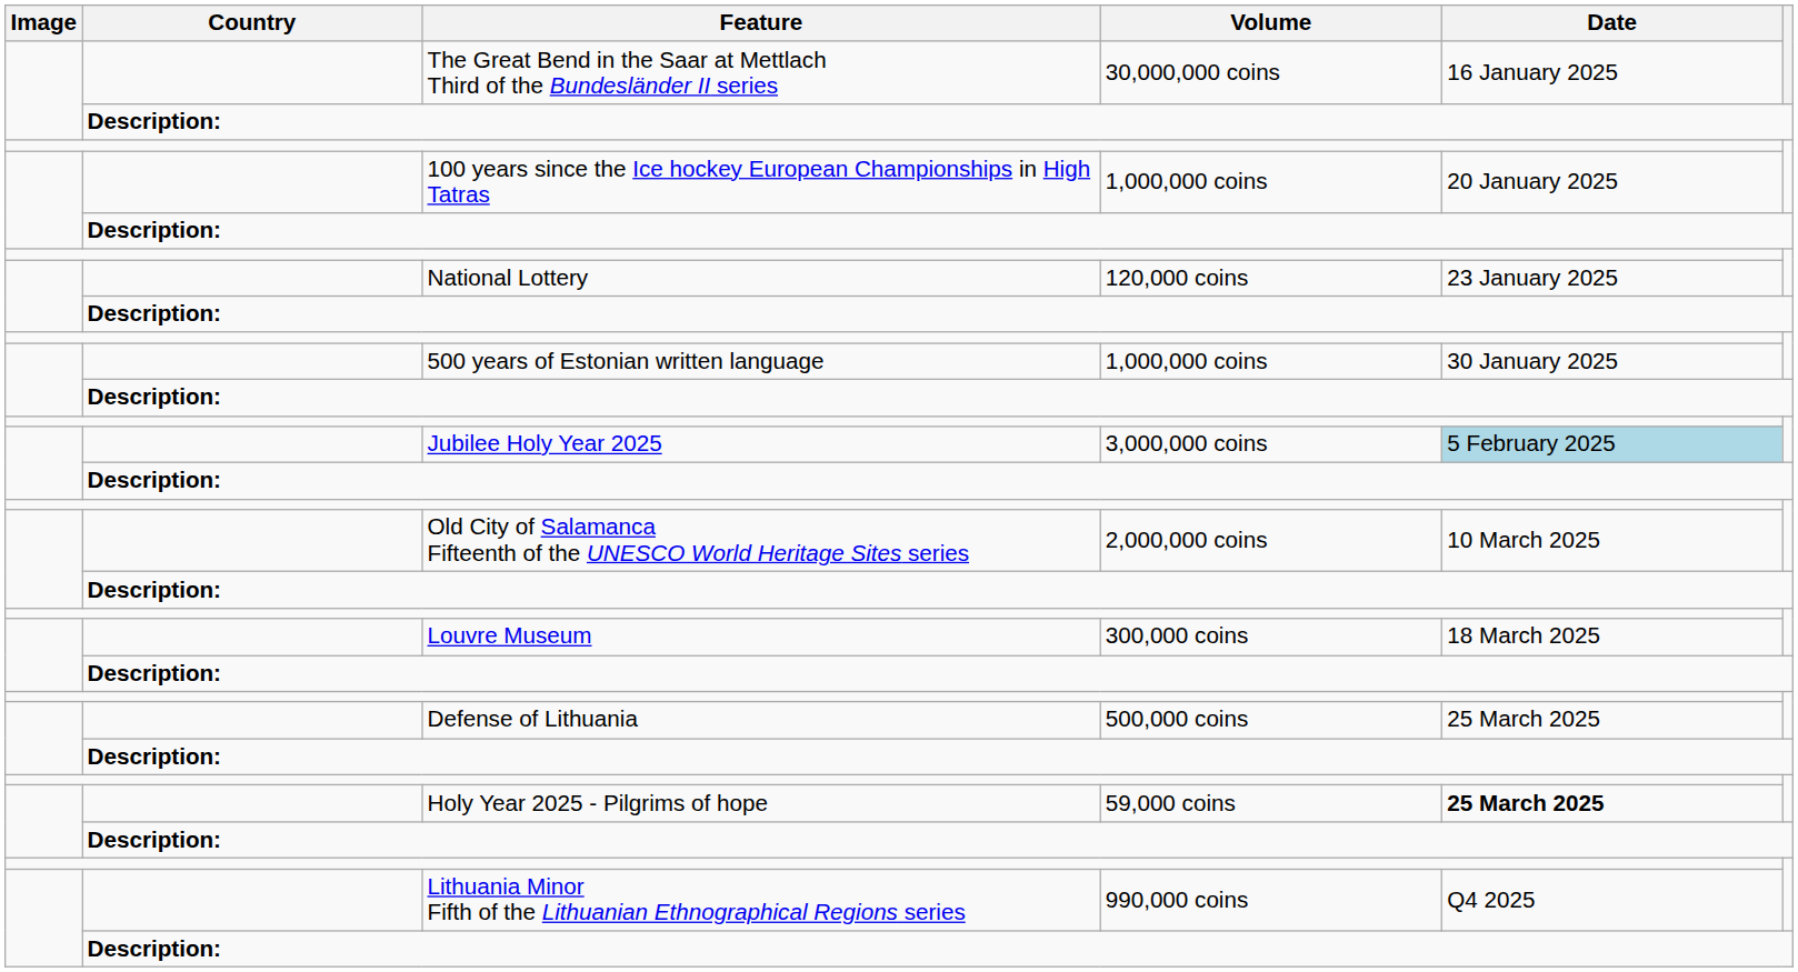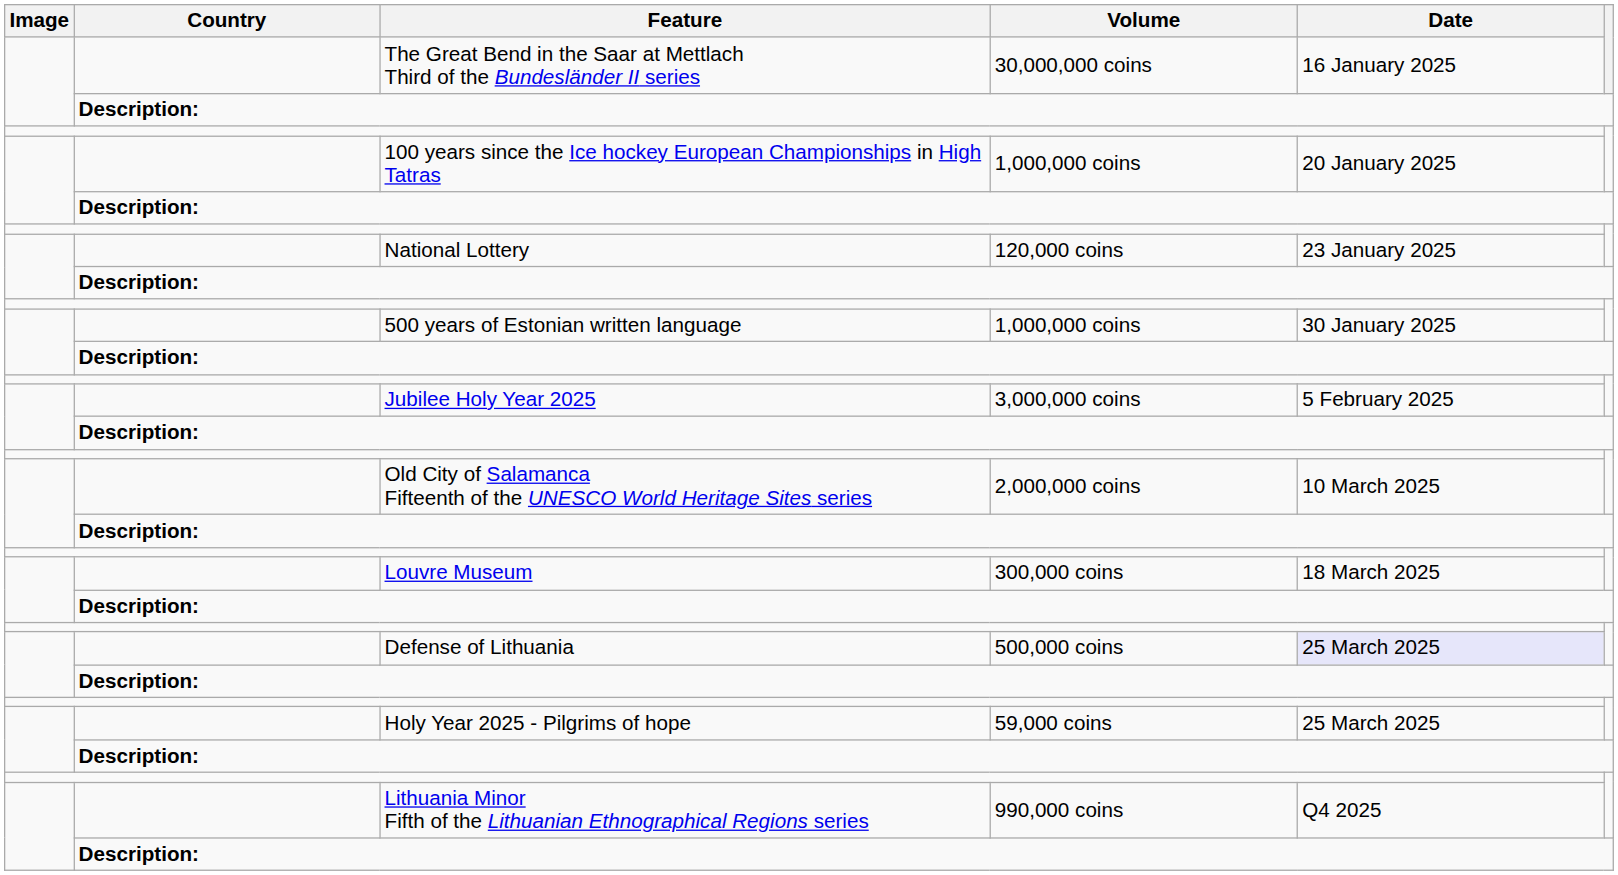 <table class="wikitable">
 <tr>
 <th>Image</th>
 <th>Country</th>
 <th>Feature</th>
 <th>Volume</th>
 <th>Date</th>
 <th rowspan="2"></th>
 </tr>
 <tr>
 <td rowspan="2" style="width:160px;"></td>
 <td style="width:20%;"></td>
 <td style="width:40%;">The Great Bend in the Saar at Mettlach<br>Third of the <a href='#'><em>Bundesländer II</em> series</a></td>
 <td style="width:20%;">30,000,000 coins</td>
 <td style="width:20%;">16 January 2025</td>
 </tr>
 <tr>
 <td colspan="5"><strong>Description:</strong></td>
 </tr>
 <tr>
 <td colspan="5"></td>
 <td rowspan="2"></td>
 </tr>
 <tr>
 <td rowspan="2" style="width:160px;"></td>
 <td style="width:20%;"></td>
 <td style="width:40%;">100 years since the <a href='#'>Ice hockey European Championships</a> in <a href='#'>High Tatras</a></td>
 <td style="width:20%;">1,000,000 coins</td>
 <td style="width:20%;">20 January 2025</td>
 </tr>
 <tr>
 <td colspan="5"><strong>Description:</strong></td>
 </tr>
 <tr>
 <td colspan="5"></td>
 <td rowspan="2"></td>
 </tr>
 <tr>
 <td rowspan="2" style="width:160px;"></td>
 <td style="width:20%;"></td>
 <td style="width:40%;">National Lottery</td>
 <td style="width:20%;">120,000 coins</td>
 <td style="width:20%;">23 January 2025</td>
 </tr>
 <tr>
 <td colspan="5"><strong>Description:</strong></td>
 </tr>
 <tr>
 <td colspan="5"></td>
 <td rowspan="2"></td>
 </tr>
 <tr>
 <td rowspan="2" style="width:160px;"></td>
 <td style="width:20%;"></td>
 <td style="width:40%;">500 years of Estonian written language</td>
 <td style="width:20%;">1,000,000 coins</td>
 <td style="width:20%;">30 January 2025</td>
 </tr>
 <tr>
 <td colspan="5"><strong>Description:</strong></td>
 </tr>
 <tr>
 <td colspan="5"></td>
 <td rowspan="2"></td>
 </tr>
 <tr>
 <td rowspan="2" style="width:160px;"></td>
 <td style="width:20%;"></td>
 <td style="width:40%;"><a href='#'>Jubilee Holy Year 2025</a></td>
 <td style="width:20%;">3,000,000 coins</td>
-<td style="background: lightblue; width:20%;">5 February 2025</td>
+<td style="width:20%;">5 February 2025</td>
 </tr>
 <tr>
 <td colspan="5"><strong>Description:</strong></td>
 </tr>
 <tr>
 <td colspan="5"></td>
 <td rowspan="2"></td>
 </tr>
 <tr>
 <td rowspan="2" style="width:160px;"></td>
 <td style="width:20%;"></td>
 <td style="width:40%;">Old City of <a href='#'>Salamanca</a><br>Fifteenth of the <a href='#'><em>UNESCO World Heritage Sites</em> series</a></td>
 <td style="width:20%;">2,000,000 coins</td>
 <td style="width:20%;">10 March 2025</td>
 </tr>
 <tr>
 <td colspan="5"><strong>Description:</strong></td>
 </tr>
 <tr>
 <td colspan="5"></td>
 <td rowspan="2"></td>
 </tr>
 <tr>
 <td rowspan="2" style="width:160px;"></td>
 <td style="width:20%;"></td>
 <td style="width:40%;"><a href='#'>Louvre Museum</a></td>
 <td style="width:20%;">300,000 coins</td>
 <td style="width:20%;">18 March 2025</td>
 </tr>
 <tr>
 <td colspan="5"><strong>Description:</strong></td>
 </tr>
 <tr>
 <td colspan="5"></td>
 <td rowspan="2"></td>
 </tr>
 <tr>
 <td rowspan="2" style="width:160px;"></td>
 <td style="width:20%;"></td>
 <td style="width:40%;">Defense of Lithuania</td>
 <td style="width:20%;">500,000 coins</td>
-<td style="width:20%;">25 March 2025</td>
+<td style="background: lavender; width:20%;">25 March 2025</td>
 </tr>
 <tr>
 <td colspan="5"><strong>Description:</strong></td>
 </tr>
 <tr>
 <td colspan="5"></td>
 <td rowspan="2"></td>
 </tr>
 <tr>
 <td rowspan="2" style="width:160px;"></td>
 <td style="width:20%;"></td>
 <td style="width:40%;">Holy Year 2025 - Pilgrims of hope</td>
 <td style="width:20%;">59,000 coins</td>
-<td style="width:20%;"><strong>25 March 2025</strong></td>
+<td style="width:20%;">25 March 2025</td>
 </tr>
 <tr>
 <td colspan="5"><strong>Description:</strong></td>
 </tr>
 <tr>
 <td colspan="5"></td>
 <td rowspan="2"></td>
 </tr>
 <tr>
 <td rowspan="2"></td>
 <td></td>
 <td><a href='#'>Lithuania Minor</a><br>Fifth of the <a href='#'><em>Lithuanian Ethnographical Regions</em> series</a></td>
 <td>990,000 coins</td>
 <td>Q4 2025</td>
 </tr>
 <tr>
 <td colspan="5"><strong>Description:</strong></td>
 </tr>
 </table>
